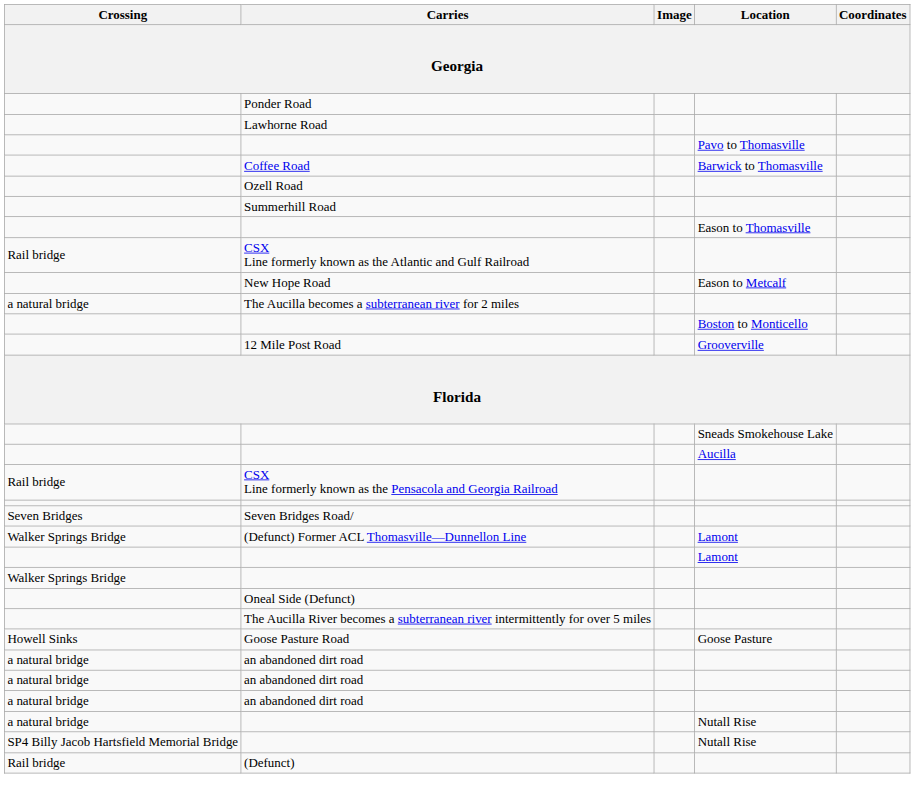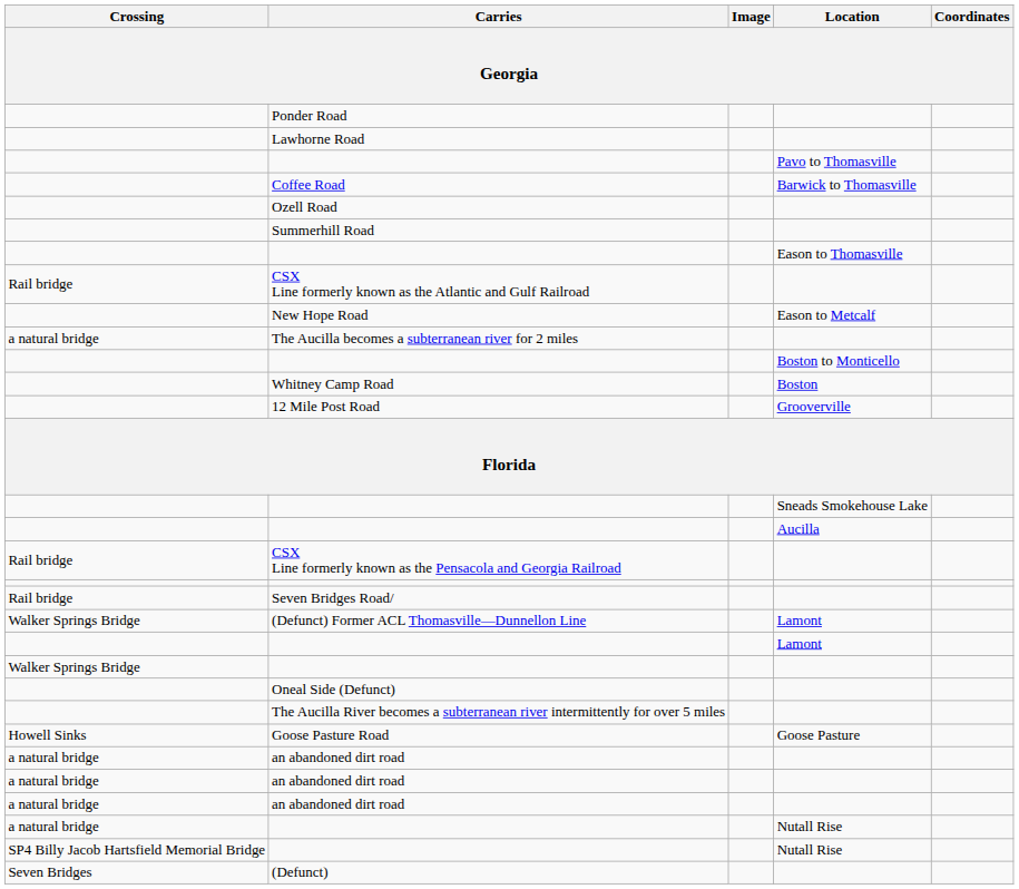 <table class=wikitable>
 <tr>
 <th>Crossing</th>
 <th>Carries</th>
 <th>Image</th>
 <th>Location</th>
 <th>Coordinates</th>
 </tr>
 <tr>
 <th colspan=5><br><h3>Georgia</h3></th>
 </tr>
 <tr>
 <td></td>
 <td>Ponder Road</td>
 <td></td>
 <td></td>
 <td></td>
 </tr>
 <tr>
 <td></td>
 <td>Lawhorne Road</td>
 <td></td>
 <td></td>
 <td></td>
 </tr>
 <tr>
 <td></td>
 <td></td>
 <td></td>
 <td><a href='#'>Pavo</a> to <a href='#'>Thomasville</a></td>
 <td></td>
 </tr>
 <tr>
 <td></td>
 <td><a href='#'>Coffee Road</a></td>
 <td></td>
 <td><a href='#'>Barwick</a> to <a href='#'>Thomasville</a></td>
 <td></td>
 </tr>
 <tr>
 <td></td>
 <td>Ozell Road</td>
 <td></td>
 <td></td>
 <td></td>
 </tr>
 <tr>
 <td></td>
 <td>Summerhill Road</td>
 <td></td>
 <td></td>
 <td></td>
 </tr>
 <tr>
 <td></td>
 <td></td>
 <td></td>
 <td>Eason to <a href='#'>Thomasville</a></td>
 <td></td>
 </tr>
 <tr>
 <td>Rail bridge</td>
 <td><a href='#'>CSX</a><br> Line formerly known as the Atlantic and Gulf Railroad</td>
 <td></td>
 <td></td>
 <td></td>
 </tr>
 <tr>
 <td></td>
 <td>New Hope Road</td>
 <td></td>
 <td>Eason to <a href='#'>Metcalf</a></td>
 <td></td>
 </tr>
 <tr>
 <td>a natural bridge</td>
 <td>The Aucilla becomes a <a href='#'>subterranean river</a> for 2 miles</td>
 <td></td>
 <td></td>
 <td></td>
 </tr>
 <tr>
 <td></td>
 <td></td>
 <td></td>
 <td><a href='#'>Boston</a> to <a href='#'>Monticello</a></td>
 <td></td>
 </tr>
 <tr>
 <td></td>
+<td>Whitney Camp Road</td>
+<td></td>
+<td><a href='#'>Boston</a></td>
+<td></td>
+</tr>
+<tr>
+<td></td>
 <td>12 Mile Post Road</td>
 <td></td>
 <td><a href='#'>Grooverville</a></td>
 <td></td>
 </tr>
 <tr>
 <th colspan=5><br><h3>Florida</h3></th>
 </tr>
 <tr>
 <td></td>
 <td></td>
 <td></td>
 <td>Sneads Smokehouse Lake</td>
 <td></td>
 </tr>
 <tr>
 <td></td>
 <td></td>
 <td></td>
 <td><a href='#'>Aucilla</a></td>
 <td></td>
 </tr>
 <tr>
 <td>Rail bridge</td>
 <td><a href='#'>CSX</a> <br> Line formerly known as the <a href='#'>Pensacola and Georgia Railroad</a></td>
 <td></td>
 <td></td>
 <td></td>
 </tr>
 <tr>
 <td></td>
 <td></td>
 <td></td>
 <td></td>
 <td></td>
 </tr>
 <tr>
-<td>Seven Bridges</td>
+<td>Rail bridge</td>
 <td>Seven Bridges Road/</td>
 <td></td>
 <td></td>
 <td></td>
 </tr>
 <tr>
 <td>Walker Springs Bridge</td>
 <td>(Defunct) Former ACL <a href='#'>Thomasville—Dunnellon Line</a></td>
 <td></td>
 <td><a href='#'>Lamont</a></td>
 <td></td>
 </tr>
 <tr>
 <td></td>
 <td></td>
 <td></td>
 <td><a href='#'>Lamont</a></td>
 <td></td>
 </tr>
 <tr>
 <td>Walker Springs Bridge</td>
 <td></td>
 <td></td>
 <td></td>
 <td></td>
 </tr>
 <tr>
 <td></td>
 <td>Oneal Side (Defunct)</td>
 <td></td>
 <td></td>
 <td></td>
 </tr>
 <tr>
 <td></td>
 <td>The Aucilla River becomes a <a href='#'>subterranean river</a> intermittently for over 5 miles</td>
 <td></td>
 <td></td>
 <td></td>
 </tr>
 <tr>
 <td>Howell Sinks</td>
 <td>Goose Pasture Road</td>
 <td></td>
 <td>Goose Pasture</td>
 <td></td>
 </tr>
 <tr>
 <td>a natural bridge</td>
 <td>an abandoned dirt road</td>
 <td></td>
 <td></td>
 <td></td>
 </tr>
 <tr>
 <td>a natural bridge</td>
 <td>an abandoned dirt road</td>
 <td></td>
 <td></td>
 <td></td>
 </tr>
 <tr>
 <td>a natural bridge</td>
 <td>an abandoned dirt road</td>
 <td></td>
 <td></td>
 <td></td>
 </tr>
 <tr>
 <td>a natural bridge</td>
 <td></td>
 <td></td>
 <td>Nutall Rise</td>
 <td></td>
 </tr>
 <tr>
 <td>SP4 Billy Jacob Hartsfield Memorial Bridge</td>
 <td></td>
 <td></td>
 <td>Nutall Rise</td>
 <td></td>
 </tr>
 <tr>
-<td>Rail bridge</td>
+<td>Seven Bridges</td>
 <td>(Defunct)</td>
 <td></td>
 <td></td>
 <td></td>
 </tr>
 </table>
